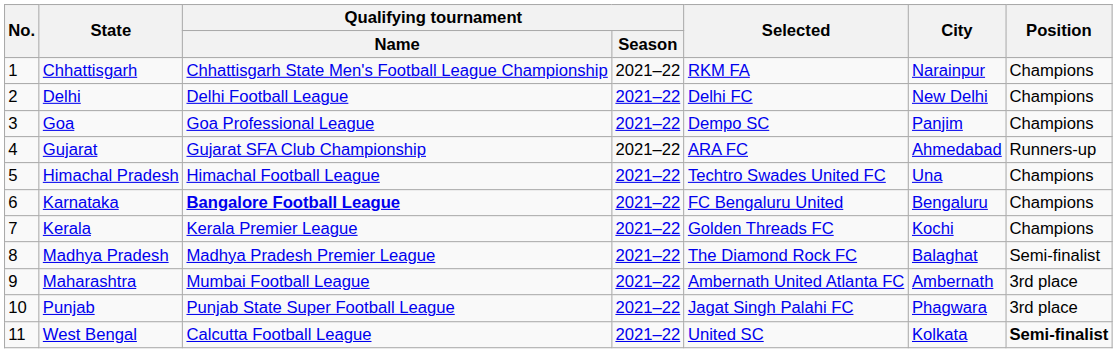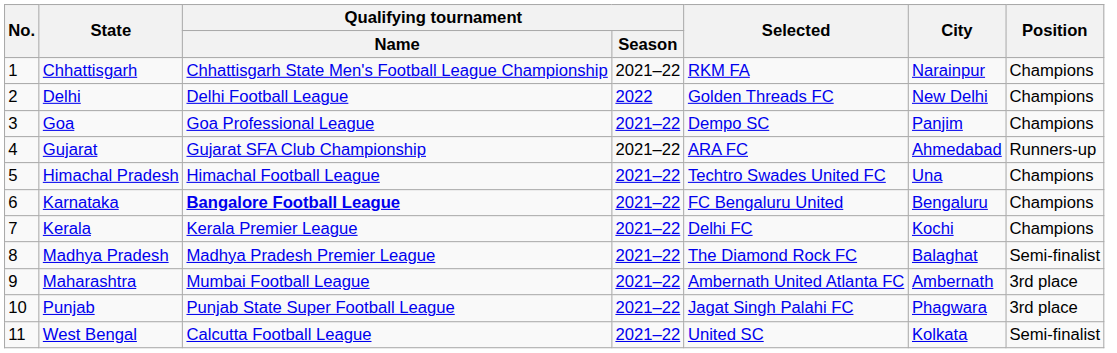 <table class="wikitable sortable" style="text-align: left;">
 <tr>
 <th rowspan="2">No.</th>
 <th rowspan="2">State</th>
 <th colspan="2">Qualifying tournament</th>
 <th rowspan="2">Selected</th>
 <th rowspan="2">City</th>
 <th rowspan="2">Position</th>
 </tr>
 <tr>
 <th>Name</th>
 <th>Season</th>
 </tr>
 <tr>
 <td>1</td>
 <td><a href='#'>Chhattisgarh</a></td>
 <td><a href='#'>Chhattisgarh State Men's Football League Championship</a></td>
 <td>2021–22</td>
 <td><a href='#'>RKM FA</a></td>
 <td><a href='#'>Narainpur</a></td>
 <td>Champions</td>
 </tr>
 <tr>
 <td>2</td>
 <td><a href='#'>Delhi</a></td>
 <td><a href='#'>Delhi Football League</a></td>
-<td><a href='#'>2021–22</a></td>
-<td><a href='#'>Delhi FC</a></td>
+<td><a href='#'>2022</a></td>
+<td><a href='#'>Golden Threads FC</a></td>
 <td><a href='#'>New Delhi</a></td>
 <td>Champions</td>
 </tr>
 <tr>
 <td>3</td>
 <td><a href='#'>Goa</a></td>
 <td><a href='#'>Goa Professional League</a></td>
 <td><a href='#'>2021–22</a></td>
 <td><a href='#'>Dempo SC</a></td>
 <td><a href='#'>Panjim</a></td>
 <td>Champions</td>
 </tr>
 <tr>
 <td>4</td>
 <td><a href='#'>Gujarat</a></td>
 <td><a href='#'>Gujarat SFA Club Championship</a></td>
 <td>2021–22</td>
 <td><a href='#'>ARA FC</a></td>
 <td><a href='#'>Ahmedabad</a></td>
 <td>Runners-up</td>
 </tr>
 <tr>
 <td>5</td>
 <td><a href='#'>Himachal Pradesh</a></td>
 <td><a href='#'>Himachal Football League</a></td>
 <td><a href='#'>2021–22</a></td>
 <td><a href='#'>Techtro Swades United FC</a></td>
 <td><a href='#'>Una</a></td>
 <td>Champions</td>
 </tr>
 <tr>
 <td>6</td>
 <td><a href='#'>Karnataka</a></td>
 <td><strong><a href='#'>Bangalore Football League</a></strong></td>
 <td><a href='#'>2021–22</a></td>
 <td><a href='#'>FC Bengaluru United</a></td>
 <td><a href='#'>Bengaluru</a></td>
 <td>Champions</td>
 </tr>
 <tr>
 <td>7</td>
 <td><a href='#'>Kerala</a></td>
 <td><a href='#'>Kerala Premier League</a></td>
 <td><a href='#'>2021–22</a></td>
-<td><a href='#'>Golden Threads FC</a></td>
+<td><a href='#'>Delhi FC</a></td>
 <td><a href='#'>Kochi</a></td>
 <td>Champions</td>
 </tr>
 <tr>
 <td>8</td>
 <td><a href='#'>Madhya Pradesh</a></td>
 <td><a href='#'>Madhya Pradesh Premier League</a></td>
 <td><a href='#'>2021–22</a></td>
 <td><a href='#'>The Diamond Rock FC</a></td>
 <td><a href='#'>Balaghat</a></td>
 <td>Semi-finalist</td>
 </tr>
 <tr>
 <td>9</td>
 <td><a href='#'>Maharashtra</a></td>
 <td><a href='#'>Mumbai Football League</a></td>
 <td><a href='#'>2021–22</a></td>
 <td><a href='#'>Ambernath United Atlanta FC</a></td>
 <td><a href='#'>Ambernath</a></td>
 <td>3rd place</td>
 </tr>
 <tr>
 <td>10</td>
 <td><a href='#'>Punjab</a></td>
 <td><a href='#'>Punjab State Super Football League</a></td>
 <td><a href='#'>2021–22</a></td>
 <td><a href='#'>Jagat Singh Palahi FC</a></td>
 <td><a href='#'>Phagwara</a></td>
 <td>3rd place</td>
 </tr>
 <tr>
 <td>11</td>
 <td><a href='#'>West Bengal</a></td>
 <td><a href='#'>Calcutta Football League</a></td>
 <td><a href='#'>2021–22</a></td>
 <td><a href='#'>United SC</a></td>
 <td><a href='#'>Kolkata</a></td>
-<td><strong>Semi-finalist</strong></td>
+<td>Semi-finalist</td>
 </tr>
 </table>
